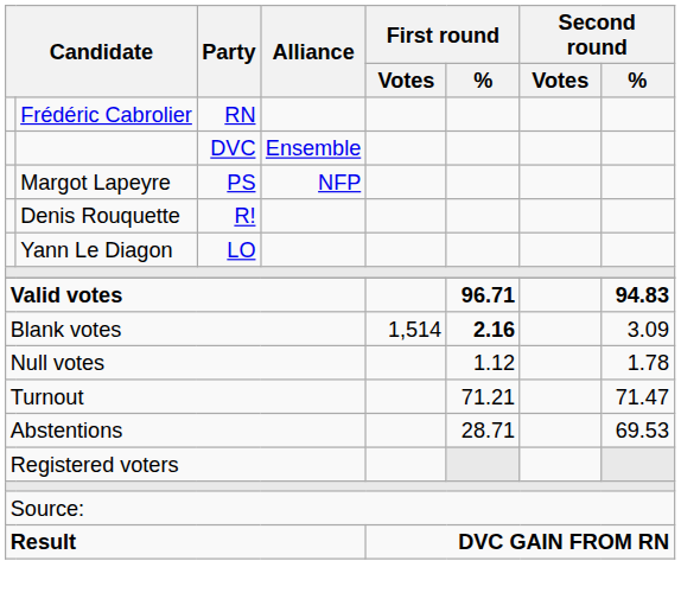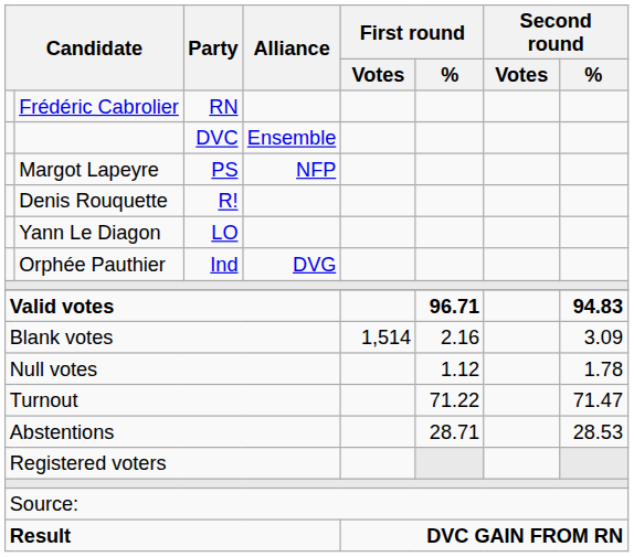 <table class="wikitable" style="text-align:right;font-size:95%;">
 <tr>
 <th colspan="2" rowspan="2">Candidate</th>
 <th colspan="1" rowspan="2">Party</th>
 <th colspan="1" rowspan="2">Alliance</th>
 <th colspan="2">First round</th>
 <th colspan="2">Second round</th>
 </tr>
 <tr>
 <th style="width:50px;">Votes</th>
 <th style="width:45px;">%</th>
 <th style="width:50px;">Votes</th>
 <th style="width:45px;">%</th>
 </tr>
 <tr>
 <td style="color:inherit;background:"></td>
 <td style="text-align:left;"><a href='#'>Frédéric Cabrolier</a></td>
 <td><a href='#'>RN</a></td>
 <td></td>
 <td><strong></strong></td>
 <td><strong></strong></td>
 <td></td>
 <td></td>
 </tr>
 <tr>
 <td style="color:inherit;background:"></td>
 <td style="text-align:left;"></td>
 <td><a href='#'>DVC</a></td>
 <td><a href='#'>Ensemble</a></td>
 <td><strong></strong></td>
 <td><strong></strong></td>
 <td><strong></strong></td>
 <td><strong></strong></td>
 </tr>
 <tr>
 <td style="color:inherit;background:"></td>
 <td style="text-align:left;">Margot Lapeyre</td>
 <td><a href='#'>PS</a></td>
 <td><a href='#'>NFP</a></td>
 <td></td>
 <td></td>
 <td></td>
 <td></td>
 </tr>
 <tr>
 <td style="color:inherit;background:"></td>
 <td style="text-align:left;">Denis Rouquette</td>
 <td><a href='#'>R!</a></td>
 <td></td>
 <td></td>
 <td></td>
 <td></td>
 <td></td>
 </tr>
 <tr>
 <td style="color:inherit;background:"></td>
 <td style="text-align:left;">Yann Le Diagon</td>
 <td><a href='#'>LO</a></td>
 <td></td>
 <td></td>
 <td></td>
 <td></td>
 <td></td>
 </tr>
 <tr>
+<td style="color:inherit;background:"></td>
+<td style="text-align:left;">Orphée Pauthier</td>
+<td><a href='#'>Ind</a></td>
+<td><a href='#'>DVG</a></td>
+<td></td>
+<td></td>
+<td></td>
+<td></td>
+</tr>
+<tr>
 <td colspan="8" style="background:#E9E9E9;"></td>
 </tr>
 <tr>
 </tr>
 <tr style="font-weight:bold;">
 <td colspan="4" style="text-align:left;">Valid votes</td>
 <td></td>
 <td>96.71</td>
 <td></td>
 <td>94.83</td>
 </tr>
 <tr>
 <td colspan="4" style="text-align:left;">Blank votes</td>
 <td>1,514</td>
-<td><strong>2.16</strong></td>
+<td>2.16</td>
 <td></td>
 <td>3.09</td>
 </tr>
 <tr>
 <td colspan="4" style="text-align:left;">Null votes</td>
 <td></td>
 <td>1.12</td>
 <td></td>
 <td>1.78</td>
 </tr>
 <tr>
 <td colspan="4" style="text-align:left;">Turnout</td>
 <td></td>
-<td>71.21</td>
+<td>71.22</td>
 <td></td>
 <td>71.47</td>
 </tr>
 <tr>
 <td colspan="4" style="text-align:left;">Abstentions</td>
 <td></td>
 <td>28.71</td>
 <td></td>
-<td>69.53</td>
+<td>28.53</td>
 </tr>
 <tr>
 <td colspan="4" style="text-align:left;">Registered voters</td>
 <td></td>
 <td style="background:#E9E9E9;"></td>
 <td></td>
 <td style="background:#E9E9E9;"></td>
 </tr>
 <tr>
 <td colspan="8" style="background:#E9E9E9;"></td>
 </tr>
 <tr>
 <td colspan="8" style="text-align:left;">Source: </td>
 </tr>
 <tr style="font-weight:bold">
 <td colspan="4" style="text-align:left;">Result</td>
 <td colspan="4" style="background-color:">DVC GAIN FROM RN</td>
 </tr>
 </table>
